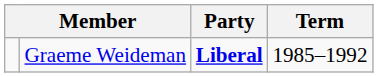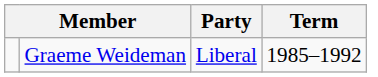 <table class="wikitable">
 <tr>
 <th colspan="2">Member</th>
 <th>Party</th>
 <th>Term</th>
 </tr>
 <tr>
 <td> </td>
 <td><a href='#'>Graeme Weideman</a></td>
-<td><strong><a href='#'>Liberal</a></strong></td>
+<td><a href='#'>Liberal</a></td>
 <td>1985–1992</td>
 </tr>
 </table>
